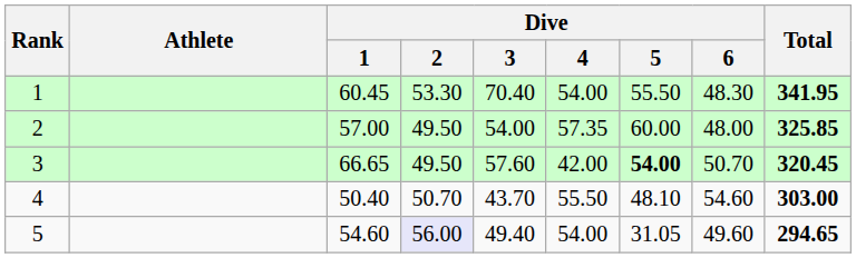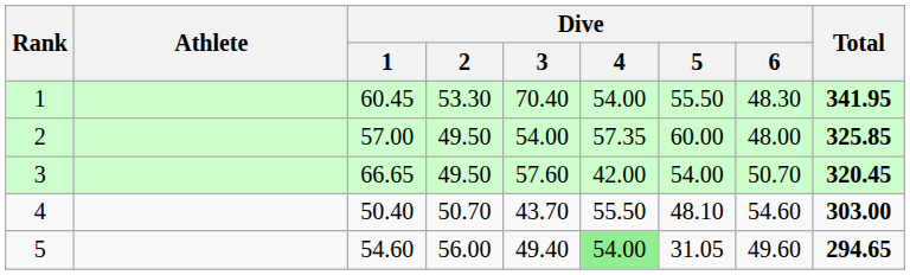 <table class="wikitable" style="text-align:center">
 <tr>
 <th rowspan="2" width="40">Rank</th>
 <th rowspan="2" width="250">Athlete</th>
 <th colspan="6">Dive</th>
 <th rowspan="2" width="60">Total</th>
 </tr>
 <tr>
 <th width="50">1</th>
 <th width="50">2</th>
 <th width="50">3</th>
 <th width="50">4</th>
 <th width="50">5</th>
 <th width="50">6</th>
 </tr>
 <tr bgcolor="ccffcc">
 <td>1</td>
 <td align="left"></td>
 <td>60.45</td>
 <td>53.30</td>
 <td>70.40</td>
 <td>54.00</td>
 <td>55.50</td>
 <td>48.30</td>
 <td><strong>341.95</strong></td>
 </tr>
 <tr bgcolor="ccffcc">
 <td>2</td>
 <td align="left"></td>
 <td>57.00</td>
 <td>49.50</td>
 <td>54.00</td>
 <td>57.35</td>
 <td>60.00</td>
 <td>48.00</td>
 <td><strong>325.85</strong></td>
 </tr>
 <tr bgcolor="ccffcc">
 <td>3</td>
 <td align="left"></td>
 <td>66.65</td>
 <td>49.50</td>
 <td>57.60</td>
 <td>42.00</td>
-<td><strong>54.00</strong></td>
+<td>54.00</td>
 <td>50.70</td>
 <td><strong>320.45</strong></td>
 </tr>
 <tr>
 <td>4</td>
 <td align="left"></td>
 <td>50.40</td>
 <td>50.70</td>
 <td>43.70</td>
 <td>55.50</td>
 <td>48.10</td>
 <td>54.60</td>
 <td><strong>303.00</strong></td>
 </tr>
 <tr>
 <td>5</td>
 <td align="left"></td>
 <td>54.60</td>
-<td style="background: lavender;">56.00</td>
+<td>56.00</td>
 <td>49.40</td>
-<td>54.00</td>
+<td style="background: lightgreen;">54.00</td>
 <td>31.05</td>
 <td>49.60</td>
 <td><strong>294.65</strong></td>
 </tr>
 </table>
